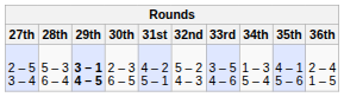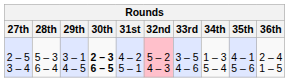 <table class="wikitable">
 <tr>
 <th colspan=10>Rounds</th>
 </tr>
 <tr>
 <th>27th</th>
 <th>28th</th>
 <th>29th</th>
 <th>30th</th>
 <th>31st</th>
 <th>32nd</th>
 <th>33rd</th>
 <th>34th</th>
 <th>35th</th>
 <th>36th</th>
 </tr>
 <tr align=center>
 <td bgcolor=#DFE7FF><br>2 – 5<br>3 – 4</td>
 <td><br>5 – 3<br>6 – 4</td>
-<td bgcolor=#DFE7FF><strong><br>3 – 1<br>4 – 5</strong></td>
-<td><br>2 – 3<br>6 – 5</td>
+<td bgcolor=#DFE7FF><br>3 – 1<br>4 – 5</td>
+<td><strong><br>2 – 3<br>6 – 5</strong></td>
 <td bgcolor=#DFE7FF><br>4 – 2<br>5 – 1</td>
-<td><br>5 – 2<br>4 – 3</td>
+<td style="background: pink;"><br>5 – 2<br>4 – 3</td>
 <td bgcolor=#DFE7FF><br>3 – 5<br>4 – 6</td>
 <td><br>1 – 3<br>5 – 4</td>
 <td bgcolor=#DFE7FF><br>4 – 1<br>5 – 6</td>
 <td><br>2 – 4<br>1 – 5</td>
 </tr>
 </table>
